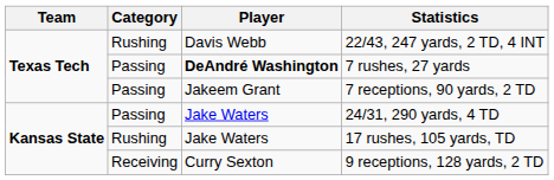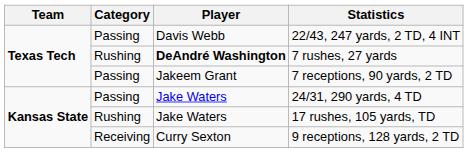 <table class="wikitable" style="float: right;">
 <tr>
 <th>Team</th>
 <th>Category</th>
 <th>Player</th>
 <th>Statistics</th>
 </tr>
 <tr>
 <td rowspan=3><strong>Texas Tech</strong></td>
-<td>Rushing</td>
+<td>Passing</td>
 <td>Davis Webb</td>
 <td>22/43, 247 yards, 2 TD, 4 INT</td>
 </tr>
 <tr>
-<td>Passing</td>
+<td>Rushing</td>
 <td><strong>DeAndré Washington</strong></td>
 <td>7 rushes, 27 yards</td>
 </tr>
 <tr>
 <td>Passing</td>
 <td>Jakeem Grant</td>
 <td>7 receptions, 90 yards, 2 TD</td>
 </tr>
 <tr>
 <td rowspan=3><strong>Kansas State</strong></td>
 <td>Passing</td>
 <td><a href='#'>Jake Waters</a></td>
 <td>24/31, 290 yards, 4 TD</td>
 </tr>
 <tr>
 <td>Rushing</td>
 <td>Jake Waters</td>
 <td>17 rushes, 105 yards, TD</td>
 </tr>
 <tr>
 <td>Receiving</td>
 <td>Curry Sexton</td>
 <td>9 receptions, 128 yards, 2 TD</td>
 </tr>
 </table>
